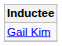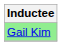 <table class="wikitable">
 <tr>
 <th>Inductee</th>
 </tr>
 <tr>
-<td><a href='#'>Gail Kim</a></td>
+<td style="background: lightgreen;"><a href='#'>Gail Kim</a></td>
 </tr>
 <tr>
 </tr>
 </table>
